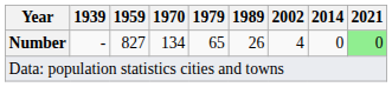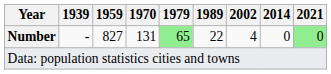 <table class="wikitable" style="text-align:right">
 <tr>
 <th>Year</th>
 <th>1939</th>
 <th>1959</th>
 <th>1970</th>
 <th>1979</th>
 <th>1989</th>
 <th>2002</th>
 <th>2014</th>
 <th>2021</th>
 </tr>
 <tr>
 <th>Number</th>
 <td>-</td>
 <td>827</td>
-<td> 134</td>
-<td> 65</td>
-<td> 26</td>
+<td> 131</td>
+<td style="background: lightgreen;"> 65</td>
+<td> 22</td>
 <td> 4</td>
 <td> 0</td>
 <td style="background: lightgreen;"> 0</td>
 </tr>
 <tr>
 <td colspan=15 class="wikitable" style="align:left;text-align:left;background-color:#eaecf0">Data: population statistics cities and towns</td>
 </tr>
 </table>
